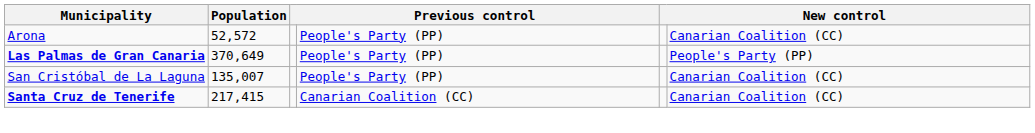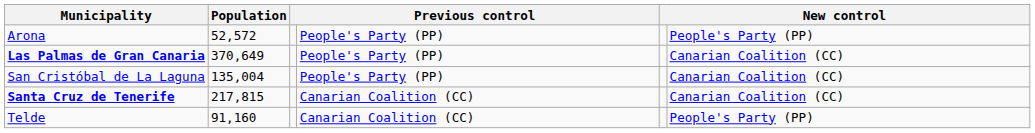 <table class="wikitable sortable">
 <tr>
 <th>Municipality</th>
 <th>Population</th>
 <th colspan="2" style="width:375px;">Previous control</th>
 <th colspan="2" style="width:375px;">New control</th>
 </tr>
 <tr>
 <td><a href='#'>Arona</a></td>
 <td>52,572</td>
 <td width="1" style="color:inherit;background:"></td>
 <td><a href='#'>People's Party</a> (PP)</td>
 <td width="1" style="color:inherit;background:"></td>
-<td><a href='#'>Canarian Coalition</a> (CC)</td>
+<td><a href='#'>People's Party</a> (PP)</td>
 </tr>
 <tr>
 <td><strong><a href='#'>Las Palmas de Gran Canaria</a></strong></td>
 <td>370,649</td>
 <td style="color:inherit;background:"></td>
 <td><a href='#'>People's Party</a> (PP)</td>
 <td style="color:inherit;background:"></td>
-<td><a href='#'>People's Party</a> (PP)</td>
+<td><a href='#'>Canarian Coalition</a> (CC)</td>
 </tr>
 <tr>
 <td><a href='#'>San Cristóbal de La Laguna</a></td>
-<td>135,007</td>
+<td>135,004</td>
 <td style="color:inherit;background:"></td>
 <td><a href='#'>People's Party</a> (PP)</td>
 <td style="color:inherit;background:"></td>
 <td><a href='#'>Canarian Coalition</a> (CC)</td>
 </tr>
 <tr>
 <td><strong><a href='#'>Santa Cruz de Tenerife</a></strong></td>
-<td>217,415</td>
+<td>217,815</td>
 <td style="color:inherit;background:"></td>
 <td><a href='#'>Canarian Coalition</a> (CC)</td>
 <td style="color:inherit;background:"></td>
 <td><a href='#'>Canarian Coalition</a> (CC)</td>
 </tr>
+<tr>
+<td><a href='#'>Telde</a></td>
+<td>91,160</td>
+<td style="color:inherit;background:"></td>
+<td><a href='#'>Canarian Coalition</a> (CC)</td>
+<td style="color:inherit;background:"></td>
+<td><a href='#'>People's Party</a> (PP)</td>
+</tr>
 </table>
